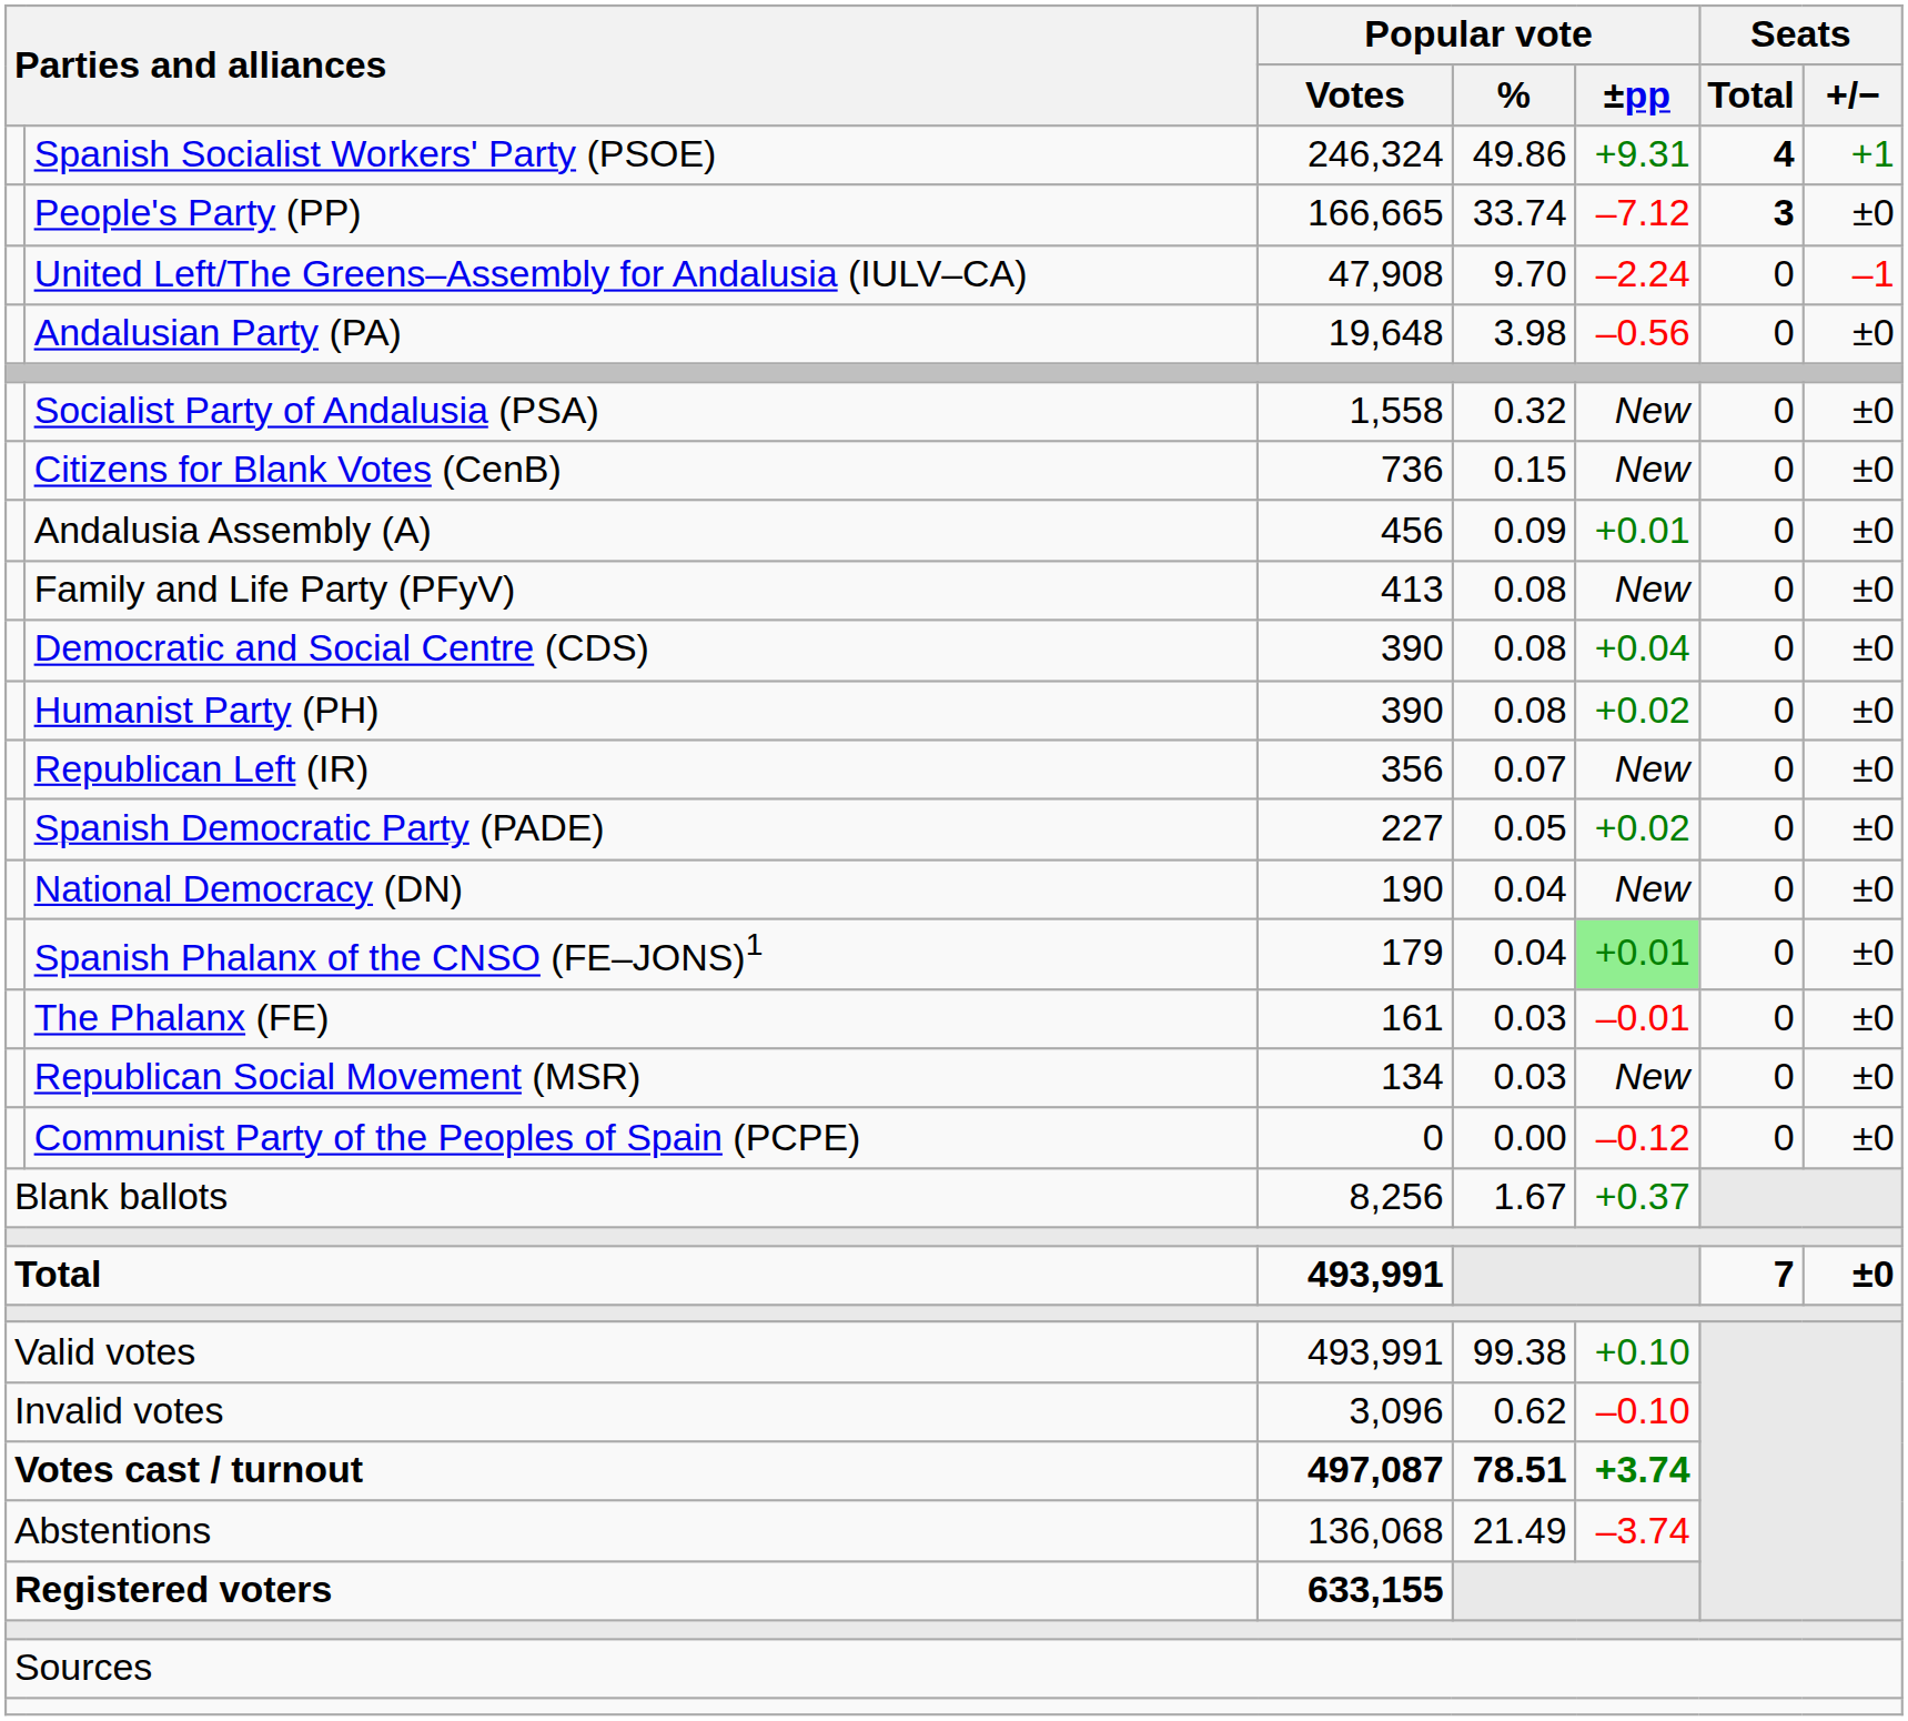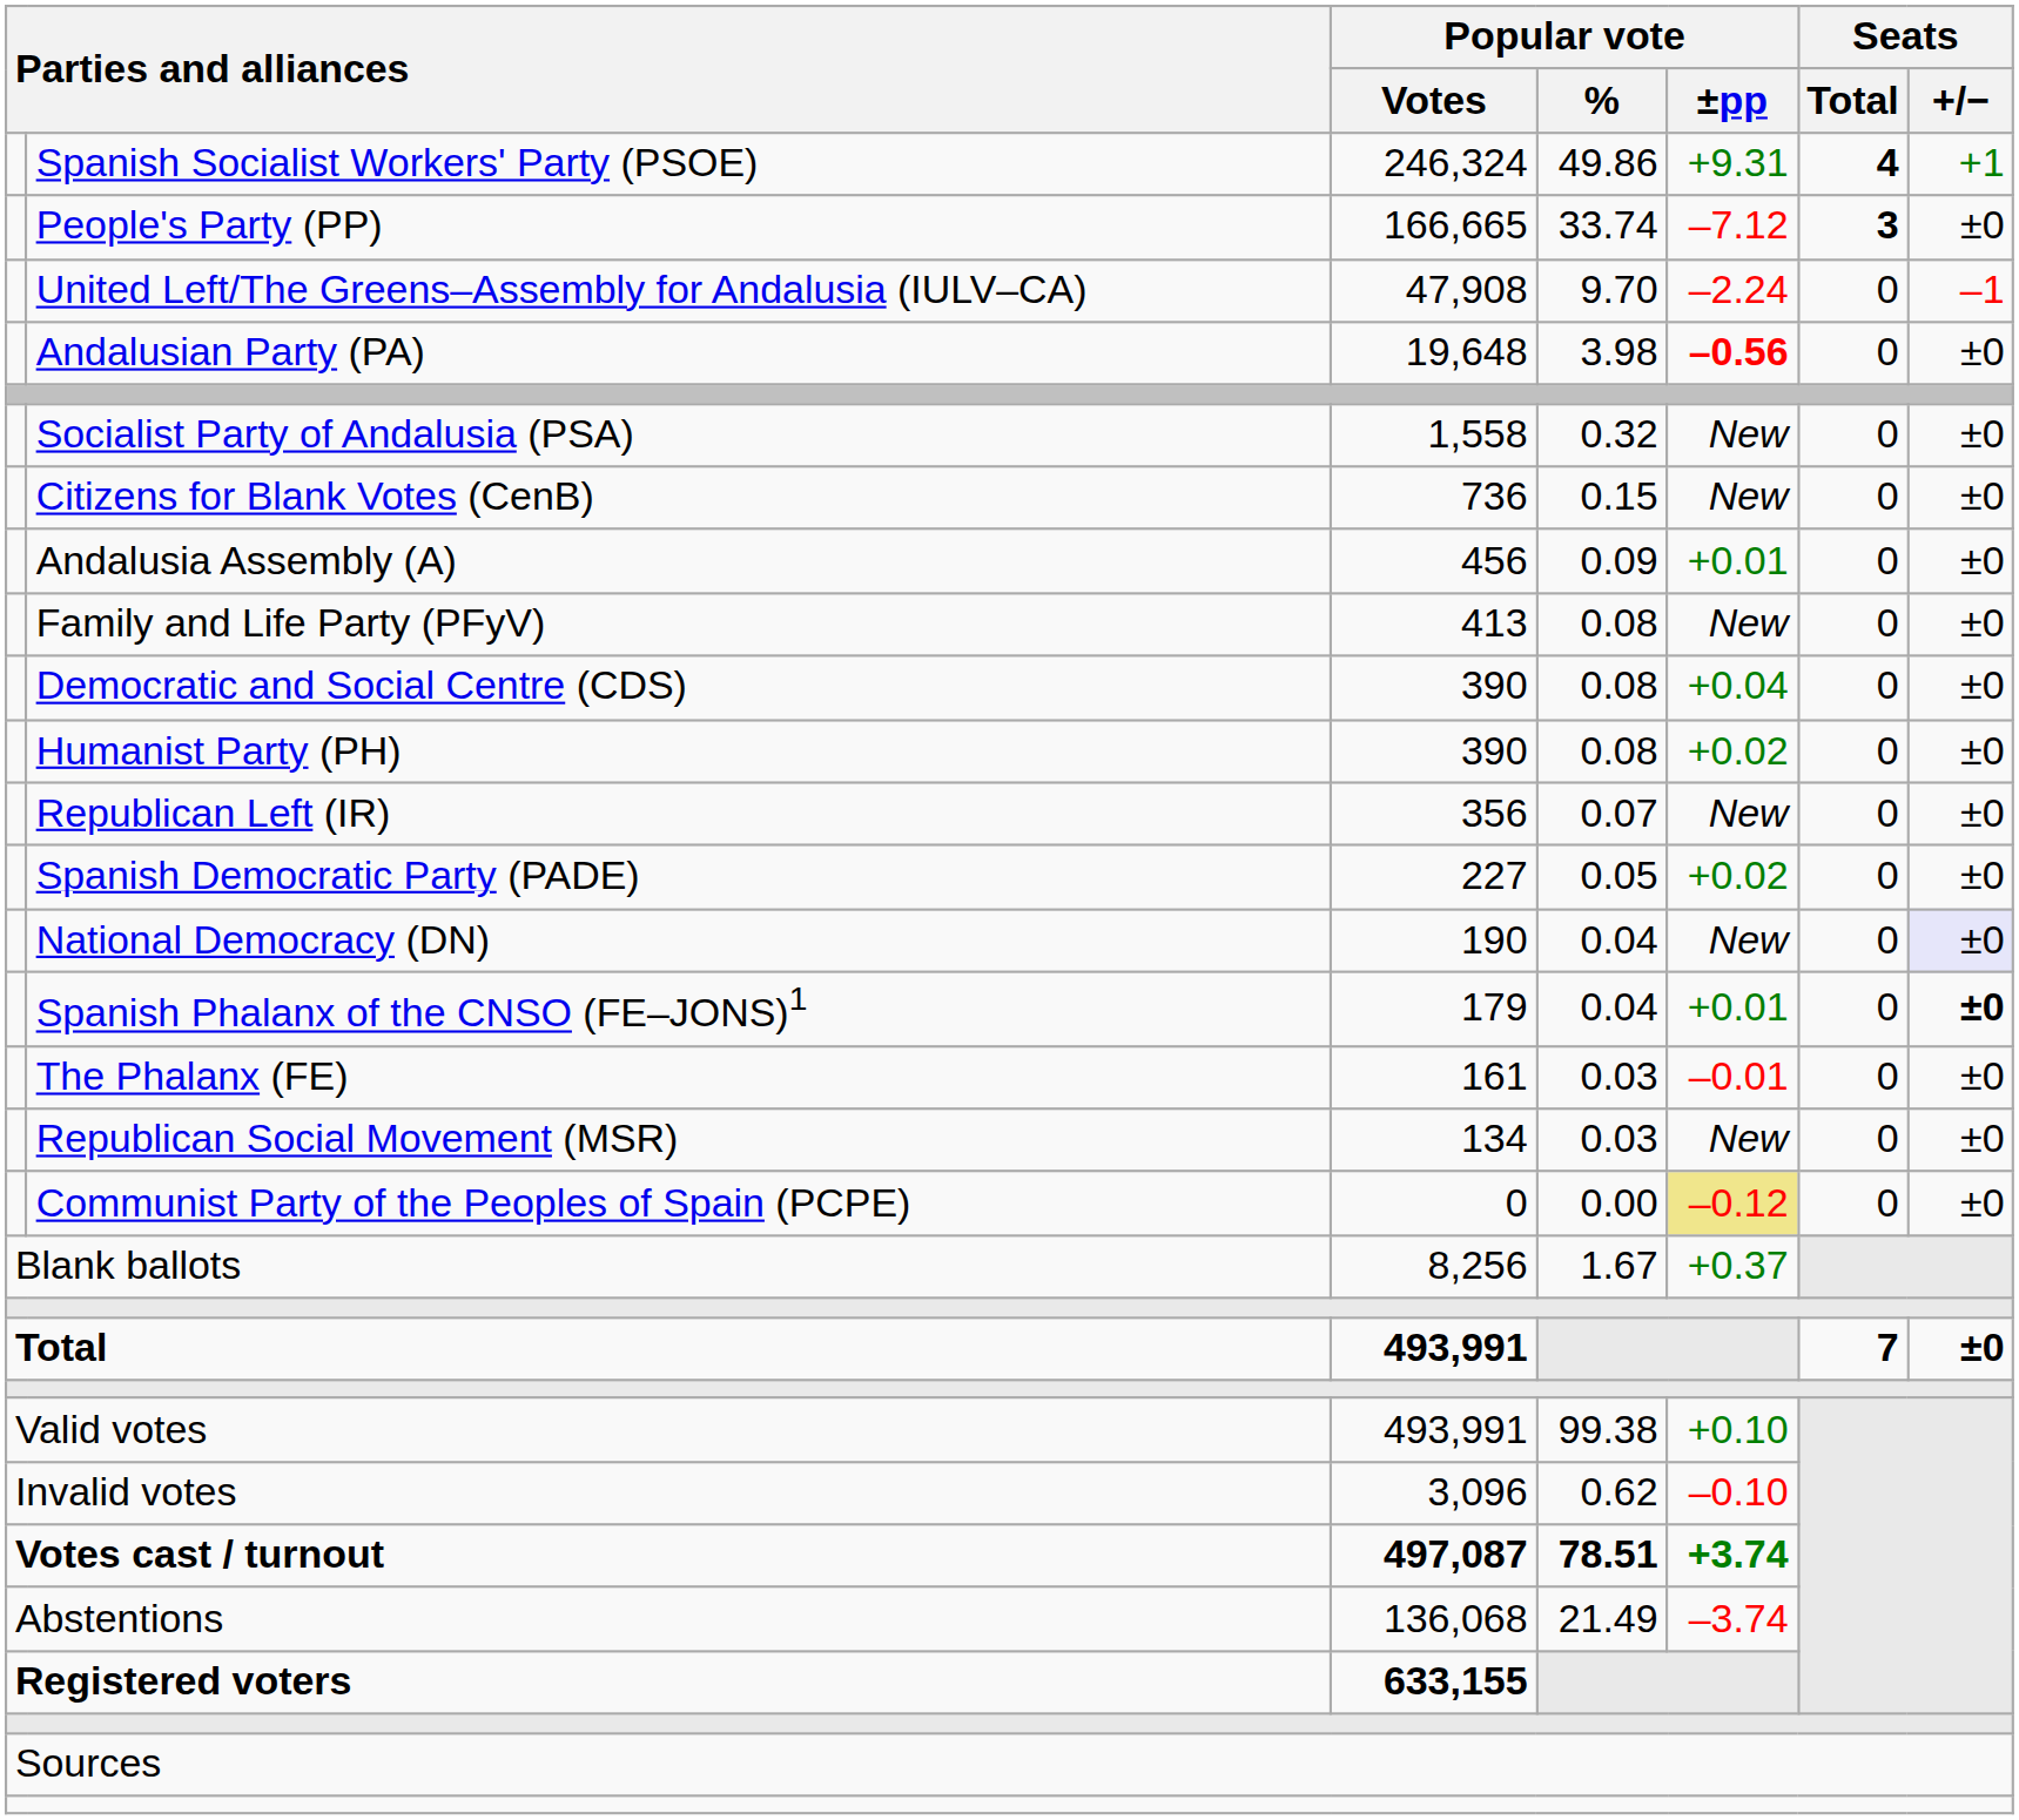 <table class="wikitable" style="text-align:right;">
 <tr>
 <th style="text-align:left;" rowspan="2" colspan="2" width="525">Parties and alliances</th>
 <th colspan="3">Popular vote</th>
 <th colspan="2">Seats</th>
 </tr>
 <tr>
 <th width="75">Votes</th>
 <th width="45">%</th>
 <th width="45">±<a href='#'>pp</a></th>
 <th width="35">Total</th>
 <th width="35">+/−</th>
 </tr>
 <tr>
 <td width="1" style="color:inherit;background:"></td>
 <td align="left"><a href='#'>Spanish Socialist Workers' Party</a> (PSOE)</td>
 <td>246,324</td>
 <td>49.86</td>
 <td style="color:green;">+9.31</td>
 <td><strong>4</strong></td>
 <td style="color:green;">+1</td>
 </tr>
 <tr>
 <td style="color:inherit;background:"></td>
 <td align="left"><a href='#'>People's Party</a> (PP)</td>
 <td>166,665</td>
 <td>33.74</td>
 <td style="color:red;">–7.12</td>
 <td><strong>3</strong></td>
 <td>±0</td>
 </tr>
 <tr>
 <td style="color:inherit;background:"></td>
 <td align="left"><a href='#'>United Left/The Greens–Assembly for Andalusia</a> (IULV–CA)</td>
 <td>47,908</td>
 <td>9.70</td>
 <td style="color:red;">–2.24</td>
 <td>0</td>
 <td style="color:red;">–1</td>
 </tr>
 <tr>
 <td style="color:inherit;background:"></td>
 <td align="left"><a href='#'>Andalusian Party</a> (PA)</td>
 <td>19,648</td>
 <td>3.98</td>
-<td style="color:red;">–0.56</td>
+<td style="color:red;"><strong>–0.56</strong></td>
 <td>0</td>
 <td>±0</td>
 </tr>
 <tr>
 <td colspan="7" bgcolor="#C0C0C0"></td>
 </tr>
 <tr>
 <td style="color:inherit;background:"></td>
 <td align="left"><a href='#'>Socialist Party of Andalusia</a> (PSA)</td>
 <td>1,558</td>
 <td>0.32</td>
 <td><em>New</em></td>
 <td>0</td>
 <td>±0</td>
 </tr>
 <tr>
 <td style="color:inherit;background:"></td>
 <td align="left"><a href='#'>Citizens for Blank Votes</a> (CenB)</td>
 <td>736</td>
 <td>0.15</td>
 <td><em>New</em></td>
 <td>0</td>
 <td>±0</td>
 </tr>
 <tr>
 <td style="color:inherit;background:"></td>
 <td align="left">Andalusia Assembly (A)</td>
 <td>456</td>
 <td>0.09</td>
 <td style="color:green;">+0.01</td>
 <td>0</td>
 <td>±0</td>
 </tr>
 <tr>
 <td style="color:inherit;background:"></td>
 <td align="left">Family and Life Party (PFyV)</td>
 <td>413</td>
 <td>0.08</td>
 <td><em>New</em></td>
 <td>0</td>
 <td>±0</td>
 </tr>
 <tr>
 <td style="color:inherit;background:"></td>
 <td align="left"><a href='#'>Democratic and Social Centre</a> (CDS)</td>
 <td>390</td>
 <td>0.08</td>
 <td style="color:green;">+0.04</td>
 <td>0</td>
 <td>±0</td>
 </tr>
 <tr>
 <td style="color:inherit;background:"></td>
 <td align="left"><a href='#'>Humanist Party</a> (PH)</td>
 <td>390</td>
 <td>0.08</td>
 <td style="color:green;">+0.02</td>
 <td>0</td>
 <td>±0</td>
 </tr>
 <tr>
 <td style="color:inherit;background:"></td>
 <td align="left"><a href='#'>Republican Left</a> (IR)</td>
 <td>356</td>
 <td>0.07</td>
 <td><em>New</em></td>
 <td>0</td>
 <td>±0</td>
 </tr>
 <tr>
 <td style="color:inherit;background:"></td>
 <td align="left"><a href='#'>Spanish Democratic Party</a> (PADE)</td>
 <td>227</td>
 <td>0.05</td>
 <td style="color:green;">+0.02</td>
 <td>0</td>
 <td>±0</td>
 </tr>
 <tr>
 <td style="color:inherit;background:"></td>
 <td align="left"><a href='#'>National Democracy</a> (DN)</td>
 <td>190</td>
 <td>0.04</td>
 <td><em>New</em></td>
 <td>0</td>
-<td>±0</td>
+<td style="background: lavender;">±0</td>
 </tr>
 <tr>
 <td style="color:inherit;background:"></td>
 <td align="left"><a href='#'>Spanish Phalanx of the CNSO</a> (FE–JONS)<sup>1</sup></td>
 <td>179</td>
 <td>0.04</td>
-<td style="background: lightgreen; color:green;">+0.01</td>
+<td style="color:green;">+0.01</td>
 <td>0</td>
-<td>±0</td>
+<td><strong>±0</strong></td>
 </tr>
 <tr>
 <td style="color:inherit;background:"></td>
 <td align="left"><a href='#'>The Phalanx</a> (FE)</td>
 <td>161</td>
 <td>0.03</td>
 <td style="color:red;">–0.01</td>
 <td>0</td>
 <td>±0</td>
 </tr>
 <tr>
 <td style="color:inherit;background:"></td>
 <td align="left"><a href='#'>Republican Social Movement</a> (MSR)</td>
 <td>134</td>
 <td>0.03</td>
 <td><em>New</em></td>
 <td>0</td>
 <td>±0</td>
 </tr>
 <tr>
 <td style="color:inherit;background:"></td>
 <td align="left"><a href='#'>Communist Party of the Peoples of Spain</a> (PCPE)</td>
 <td>0</td>
 <td>0.00</td>
-<td style="color:red;">–0.12</td>
+<td style="background: khaki; color:red;">–0.12</td>
 <td>0</td>
 <td>±0</td>
 </tr>
 <tr>
 <td align="left" colspan="2">Blank ballots</td>
 <td>8,256</td>
 <td>1.67</td>
 <td style="color:green;">+0.37</td>
 <td bgcolor="#E9E9E9" colspan="2"></td>
 </tr>
 <tr>
 <td colspan="7" bgcolor="#E9E9E9"></td>
 </tr>
 <tr style="font-weight:bold;">
 <td align="left" colspan="2">Total</td>
 <td>493,991</td>
 <td bgcolor="#E9E9E9" colspan="2"></td>
 <td>7</td>
 <td>±0</td>
 </tr>
 <tr>
 <td colspan="7" bgcolor="#E9E9E9"></td>
 </tr>
 <tr>
 <td align="left" colspan="2">Valid votes</td>
 <td>493,991</td>
 <td>99.38</td>
 <td style="color:green;">+0.10</td>
 <td bgcolor="#E9E9E9" colspan="2" rowspan="5"></td>
 </tr>
 <tr>
 <td align="left" colspan="2">Invalid votes</td>
 <td>3,096</td>
 <td>0.62</td>
 <td style="color:red;">–0.10</td>
 </tr>
 <tr style="font-weight:bold;">
 <td align="left" colspan="2">Votes cast / turnout</td>
 <td>497,087</td>
 <td>78.51</td>
 <td style="color:green;">+3.74</td>
 </tr>
 <tr>
 <td align="left" colspan="2">Abstentions</td>
 <td>136,068</td>
 <td>21.49</td>
 <td style="color:red;">–3.74</td>
 </tr>
 <tr style="font-weight:bold;">
 <td align="left" colspan="2">Registered voters</td>
 <td>633,155</td>
 <td bgcolor="#E9E9E9" colspan="2"></td>
 </tr>
 <tr>
 <td colspan="7" bgcolor="#E9E9E9"></td>
 </tr>
 <tr>
 <td align="left" colspan="7">Sources</td>
 </tr>
 <tr>
 <td colspan="7" style="text-align:left; max-width:790px;"></td>
 </tr>
 </table>
